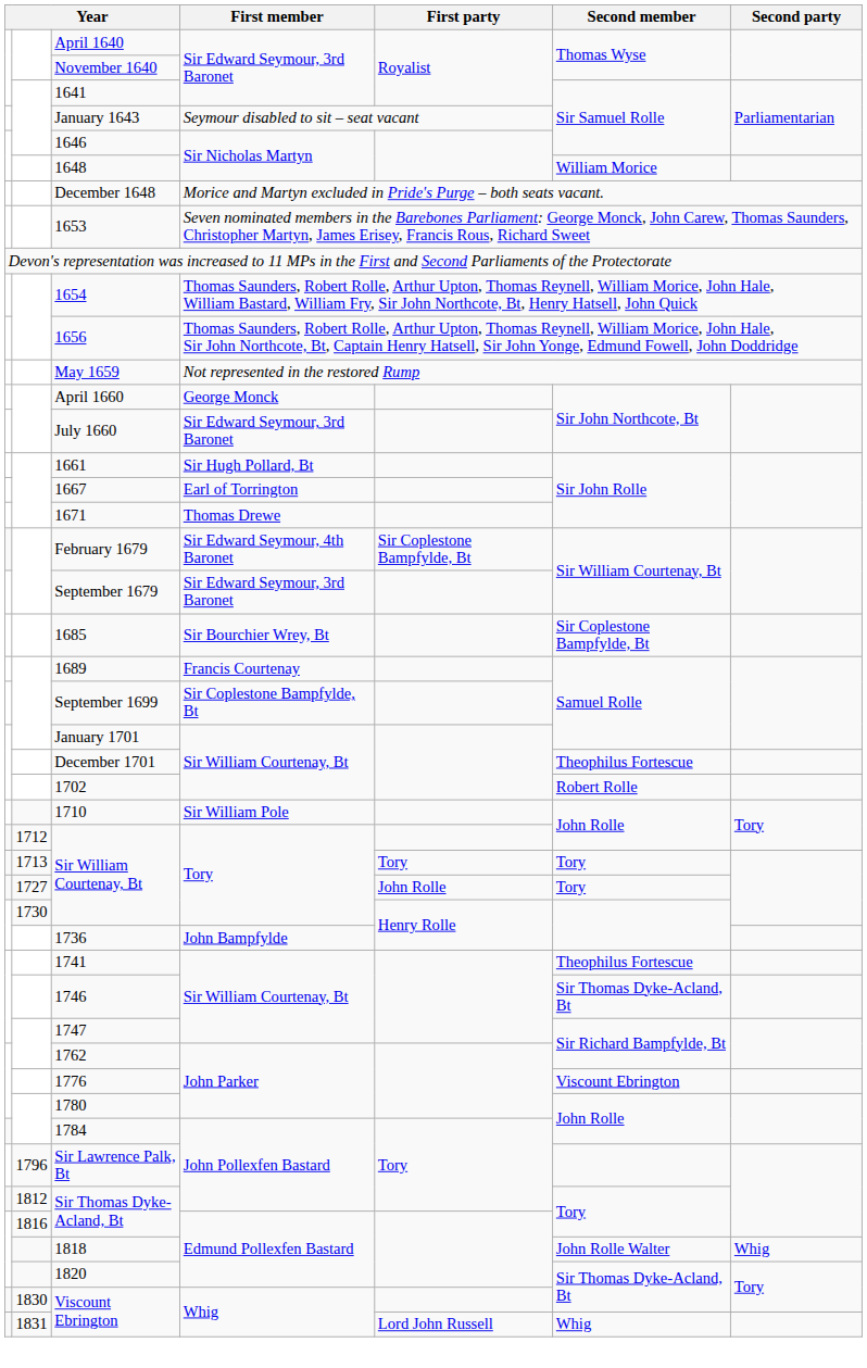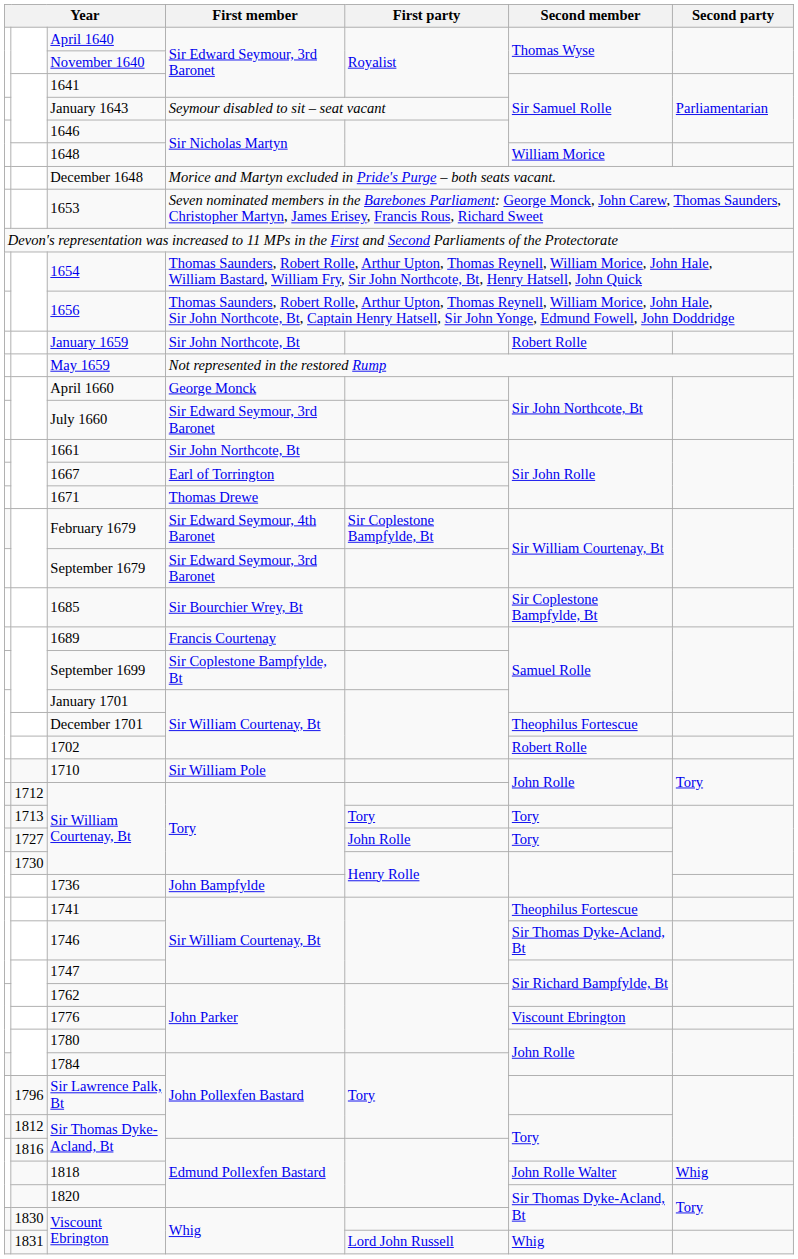 <table class="wikitable">
 <tr>
 <th colspan="3">Year</th>
 <th>First member</th>
 <th>First party</th>
 <th>Second member</th>
 <th>Second party</th>
 </tr>
 <tr>
 <td rowspan="3" style="color:inherit;background-color: white"></td>
 <td rowspan="2" style="color:inherit;background-color: white"></td>
 <td><a href='#'>April 1640</a></td>
 <td rowspan="3"><a href='#'>Sir Edward Seymour, 3rd Baronet</a></td>
 <td rowspan="3"><a href='#'>Royalist</a></td>
 <td rowspan="2"><a href='#'>Thomas Wyse</a></td>
 <td rowspan="2"></td>
 </tr>
 <tr>
 <td><a href='#'>November 1640</a></td>
 </tr>
 <tr>
 <td rowspan="3" style="color:inherit;background-color: white"></td>
 <td>1641</td>
 <td rowspan="3"><a href='#'>Sir Samuel Rolle</a></td>
 <td rowspan="3"><a href='#'>Parliamentarian</a></td>
 </tr>
 <tr>
 <td style="color:inherit;background-color: white"></td>
 <td>January 1643</td>
 <td colspan="2"><em>Seymour disabled to sit – seat vacant</em></td>
 </tr>
 <tr>
 <td rowspan="2" style="color:inherit;background-color: white"></td>
 <td>1646</td>
 <td rowspan="2"><a href='#'>Sir Nicholas Martyn</a></td>
 <td rowspan="2"></td>
 </tr>
 <tr>
 <td style="color:inherit;background-color: white"></td>
 <td>1648</td>
 <td><a href='#'>William Morice</a></td>
 <td></td>
 </tr>
 <tr>
 <td style="color:inherit;background-color: white"></td>
 <td style="color:inherit;background-color: white"></td>
 <td>December 1648</td>
 <td colspan="4"><em>Morice and Martyn excluded in <a href='#'>Pride's Purge</a> – both seats vacant. </em></td>
 </tr>
 <tr>
 <td style="color:inherit;background-color: white"></td>
 <td style="color:inherit;background-color: white"></td>
 <td>1653</td>
 <td colspan="4"><em>Seven nominated members in the <a href='#'>Barebones Parliament</a>:</em> <a href='#'>George Monck</a>, <a href='#'>John Carew</a>, <a href='#'>Thomas Saunders</a>, <a href='#'>Christopher Martyn</a>, <a href='#'>James Erisey</a>, <a href='#'>Francis Rous</a>, <a href='#'>Richard Sweet</a></td>
 </tr>
 <tr>
 <td colspan="7"><em>Devon's representation was increased to 11 MPs in the <a href='#'>First</a> and <a href='#'>Second</a> Parliaments of the Protectorate</em></td>
 </tr>
 <tr>
 <td style="color:inherit;background-color: white"></td>
 <td rowspan="2" style="color:inherit;background-color: white"></td>
 <td><a href='#'>1654</a></td>
 <td colspan="4"><a href='#'>Thomas Saunders</a>, <a href='#'>Robert Rolle</a>, <a href='#'>Arthur Upton</a>, <a href='#'>Thomas Reynell</a>, <a href='#'>William Morice</a>, <a href='#'>John Hale</a>,<br> <a href='#'>William Bastard</a>, <a href='#'>William Fry</a>, <a href='#'>Sir John Northcote, Bt</a>, <a href='#'>Henry Hatsell</a>, <a href='#'>John Quick</a></td>
 </tr>
 <tr>
 <td style="color:inherit;background-color: white"></td>
 <td><a href='#'>1656</a></td>
 <td colspan="4"><a href='#'>Thomas Saunders</a>, <a href='#'>Robert Rolle</a>, <a href='#'>Arthur Upton</a>, <a href='#'>Thomas Reynell</a>, <a href='#'>William Morice</a>, <a href='#'>John Hale</a>,<br> <a href='#'>Sir John Northcote, Bt</a>, <a href='#'>Captain Henry Hatsell</a>,  <a href='#'>Sir John Yonge</a>, <a href='#'>Edmund Fowell</a>, <a href='#'>John Doddridge</a></td>
 </tr>
 <tr>
 <td style="color:inherit;background-color: white"></td>
 <td style="color:inherit;background-color: white"></td>
+<td><a href='#'>January 1659</a></td>
+<td><a href='#'>Sir John Northcote, Bt</a></td>
+<td></td>
+<td><a href='#'>Robert Rolle</a></td>
+<td></td>
+</tr>
+<tr>
+<td style="color:inherit;background-color: white"></td>
+<td style="color:inherit;background-color: white"></td>
 <td><a href='#'>May 1659</a></td>
 <td colspan="4"><em>Not represented in the restored <a href='#'>Rump</a></em></td>
 </tr>
 <tr>
 <td style="color:inherit;background-color: white"></td>
 <td style="color:inherit;background-color: white" rowspan="2"></td>
 <td>April 1660</td>
 <td><a href='#'>George Monck</a></td>
 <td></td>
 <td rowspan="2"><a href='#'>Sir John Northcote, Bt</a></td>
 <td rowspan="2"></td>
 </tr>
 <tr>
 <td style="color:inherit;background-color: white"></td>
 <td>July 1660</td>
 <td><a href='#'>Sir Edward Seymour, 3rd Baronet</a></td>
 <td></td>
 </tr>
 <tr>
 <td style="color:inherit;background-color: white"></td>
 <td style="color:inherit;background-color: white" rowspan="3"></td>
 <td>1661</td>
-<td><a href='#'>Sir Hugh Pollard, Bt</a></td>
+<td><a href='#'>Sir John Northcote, Bt</a></td>
 <td></td>
 <td rowspan="3"><a href='#'>Sir John Rolle</a></td>
 <td rowspan="3"></td>
 </tr>
 <tr>
 <td style="color:inherit;background-color: white"></td>
 <td>1667</td>
 <td><a href='#'>Earl of Torrington</a></td>
 <td></td>
 </tr>
 <tr>
 <td style="color:inherit;background-color: white"></td>
 <td>1671</td>
 <td><a href='#'>Thomas Drewe</a></td>
 <td></td>
 </tr>
 <tr>
 <td style="color:inherit;background-color: "></td>
 <td style="color:inherit;background-color: white" rowspan="2"></td>
 <td>February 1679</td>
 <td><a href='#'>Sir Edward Seymour, 4th Baronet</a></td>
 <td><a href='#'>Sir Coplestone Bampfylde, Bt</a></td>
 <td rowspan="2"><a href='#'>Sir William Courtenay, Bt</a></td>
 <td rowspan="2"></td>
 </tr>
 <tr>
 <td style="color:inherit;background-color: white"></td>
 <td>September 1679</td>
 <td><a href='#'>Sir Edward Seymour, 3rd Baronet</a></td>
 <td></td>
 </tr>
 <tr>
 <td style="color:inherit;background-color: white"></td>
 <td style="color:inherit;background-color: white"></td>
 <td>1685</td>
 <td><a href='#'>Sir Bourchier Wrey, Bt</a></td>
 <td></td>
 <td><a href='#'>Sir Coplestone Bampfylde, Bt</a></td>
 <td></td>
 </tr>
 <tr>
 <td style="color:inherit;background-color: white"></td>
 <td style="color:inherit;background-color: white" rowspan="3"></td>
 <td>1689</td>
 <td><a href='#'>Francis Courtenay</a></td>
 <td></td>
 <td rowspan="3"><a href='#'>Samuel Rolle</a></td>
 <td rowspan="3"></td>
 </tr>
 <tr>
 <td style="color:inherit;background-color: white"></td>
 <td>September 1699</td>
 <td><a href='#'>Sir Coplestone Bampfylde, Bt</a></td>
 <td></td>
 </tr>
 <tr>
 <td style="color:inherit;background-color: white" rowspan="3"></td>
 <td>January 1701</td>
 <td rowspan="3"><a href='#'>Sir William Courtenay, Bt</a></td>
 <td rowspan="3"></td>
 </tr>
 <tr>
 <td style="color:inherit;background-color: white"></td>
 <td>December 1701</td>
 <td><a href='#'>Theophilus Fortescue</a></td>
 <td></td>
 </tr>
 <tr>
 <td style="color:inherit;background-color: white"></td>
 <td>1702</td>
 <td><a href='#'>Robert Rolle</a></td>
 <td></td>
 </tr>
 <tr>
 <td style="color:inherit;background-color: white"></td>
 <td style="color:inherit;background-color:  "></td>
 <td>1710</td>
 <td><a href='#'>Sir William Pole</a></td>
 <td></td>
 <td rowspan="2"><a href='#'>John Rolle</a></td>
 <td rowspan="2"><a href='#'>Tory</a></td>
 </tr>
 <tr>
 <td style="color:inherit;background-color: "></td>
 <td>1712</td>
 <td rowspan="4"><a href='#'>Sir William Courtenay, Bt</a></td>
 <td rowspan="4"><a href='#'>Tory</a></td>
 </tr>
 <tr>
 <td style="color:inherit;background-color: "></td>
 <td>1713</td>
 <td><a href='#'>Tory</a></td>
 <td><a href='#'>Tory</a></td>
 </tr>
 <tr>
 <td style="color:inherit;background-color:  "></td>
 <td>1727</td>
 <td><a href='#'>John Rolle</a></td>
 <td><a href='#'>Tory</a></td>
 </tr>
 <tr>
 <td style="color:inherit;background-color: white" rowspan="2"></td>
 <td>1730</td>
 <td rowspan="2"><a href='#'>Henry Rolle</a></td>
 <td rowspan="2"></td>
 </tr>
 <tr>
 <td style="color:inherit;background-color: white"></td>
 <td>1736</td>
 <td><a href='#'>John Bampfylde</a></td>
 <td></td>
 </tr>
 <tr>
 <td style="color:inherit;background-color: white" rowspan="3"></td>
 <td style="color:inherit;background-color: white"></td>
 <td>1741</td>
 <td rowspan="3"><a href='#'>Sir William Courtenay, Bt</a></td>
 <td rowspan="3"></td>
 <td><a href='#'>Theophilus Fortescue</a></td>
 <td></td>
 </tr>
 <tr>
 <td style="color:inherit;background-color: white"></td>
 <td>1746</td>
 <td><a href='#'>Sir Thomas Dyke-Acland, Bt</a></td>
 <td></td>
 </tr>
 <tr>
 <td style="color:inherit;background-color: white" rowspan="2"></td>
 <td>1747</td>
 <td rowspan="2"><a href='#'>Sir Richard Bampfylde, Bt</a></td>
 <td rowspan="2"></td>
 </tr>
 <tr>
 <td style="color:inherit;background-color: white" rowspan="3"></td>
 <td>1762</td>
 <td rowspan="3"><a href='#'>John Parker</a></td>
 <td rowspan="3"></td>
 </tr>
 <tr>
 <td style="color:inherit;background-color: white"></td>
 <td>1776</td>
 <td><a href='#'>Viscount Ebrington</a></td>
 <td></td>
 </tr>
 <tr>
 <td style="color:inherit;background-color: white" rowspan="2"></td>
 <td>1780</td>
 <td rowspan="2"><a href='#'>John Rolle</a></td>
 <td rowspan="2"></td>
 </tr>
 <tr>
 <td style="color:inherit;background-color: "></td>
 <td>1784</td>
 <td rowspan="3"><a href='#'>John Pollexfen Bastard</a></td>
 <td rowspan="3"><a href='#'>Tory</a></td>
 </tr>
 <tr>
 <td style="color:inherit;background-color: white"></td>
 <td>1796</td>
 <td><a href='#'>Sir Lawrence Palk, Bt</a></td>
 <td></td>
 </tr>
 <tr>
 <td style="color:inherit;background-color: "></td>
 <td>1812</td>
 <td rowspan="2"><a href='#'>Sir Thomas Dyke-Acland, Bt</a></td>
 <td rowspan="2"><a href='#'>Tory</a></td>
 </tr>
 <tr>
 <td style="color:inherit;background-color: white" rowspan="3"></td>
 <td>1816</td>
 <td rowspan="3"><a href='#'>Edmund Pollexfen Bastard</a></td>
 <td rowspan="3"></td>
 </tr>
 <tr>
 <td style="color:inherit;background-color: "></td>
 <td>1818</td>
 <td><a href='#'>John Rolle Walter</a></td>
 <td><a href='#'>Whig</a></td>
 </tr>
 <tr>
 <td style="color:inherit;background-color: "></td>
 <td>1820</td>
 <td rowspan="2"><a href='#'>Sir Thomas Dyke-Acland, Bt</a></td>
 <td rowspan="2"><a href='#'>Tory</a></td>
 </tr>
 <tr>
 <td style="color:inherit;background-color: "></td>
 <td>1830</td>
 <td rowspan="2"><a href='#'>Viscount Ebrington</a></td>
 <td rowspan="2"><a href='#'>Whig</a></td>
 </tr>
 <tr>
 <td style="color:inherit;background-color: "></td>
 <td>1831</td>
 <td><a href='#'>Lord John Russell</a></td>
 <td><a href='#'>Whig</a></td>
 </tr>
 </table>
